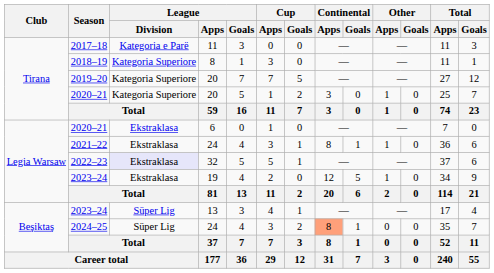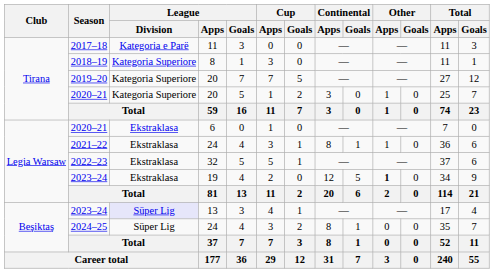 <table class="wikitable" style="text-align:center">
 <tr>
 <th rowspan="2">Club</th>
 <th rowspan="2">Season</th>
 <th colspan="3">League</th>
 <th colspan="2">Cup</th>
 <th colspan="2">Continental</th>
 <th colspan="2">Other</th>
 <th colspan="2">Total</th>
 </tr>
 <tr>
 <th>Division</th>
 <th>Apps</th>
 <th>Goals</th>
 <th>Apps</th>
 <th>Goals</th>
 <th>Apps</th>
 <th>Goals</th>
 <th>Apps</th>
 <th>Goals</th>
 <th>Apps</th>
 <th>Goals</th>
 </tr>
 <tr>
 <td rowspan="5"><a href='#'>Tirana</a></td>
 <td><a href='#'>2017–18</a></td>
 <td><a href='#'>Kategoria e Parë</a></td>
 <td>11</td>
 <td>3</td>
 <td>0</td>
 <td>0</td>
 <td colspan="2">—</td>
 <td colspan="2">—</td>
 <td>11</td>
 <td>3</td>
 </tr>
 <tr>
 <td><a href='#'>2018–19</a></td>
 <td><a href='#'>Kategoria Superiore</a></td>
 <td>8</td>
 <td>1</td>
 <td>3</td>
 <td>0</td>
 <td colspan="2">—</td>
 <td colspan="2">—</td>
 <td>11</td>
 <td>1</td>
 </tr>
 <tr>
 <td><a href='#'>2019–20</a></td>
 <td>Kategoria Superiore</td>
 <td>20</td>
 <td>7</td>
 <td>7</td>
 <td>5</td>
 <td colspan="2">—</td>
 <td colspan="2">—</td>
 <td>27</td>
 <td>12</td>
 </tr>
 <tr>
 <td><a href='#'>2020–21</a></td>
 <td>Kategoria Superiore</td>
 <td>20</td>
 <td>5</td>
 <td>1</td>
 <td>2</td>
 <td>3</td>
 <td>0</td>
 <td>1</td>
 <td>0</td>
 <td>25</td>
 <td>7</td>
 </tr>
 <tr>
 <th colspan="2">Total</th>
 <th>59</th>
 <th>16</th>
 <th>11</th>
 <th>7</th>
 <th>3</th>
 <th>0</th>
 <th>1</th>
 <th>0</th>
 <th>74</th>
 <th>23</th>
 </tr>
 <tr>
 <td rowspan="5"><a href='#'>Legia Warsaw</a></td>
 <td><a href='#'>2020–21</a></td>
 <td><a href='#'>Ekstraklasa</a></td>
 <td>6</td>
 <td>0</td>
 <td>1</td>
 <td>0</td>
 <td colspan="2">—</td>
 <td colspan="2">—</td>
 <td>7</td>
 <td>0</td>
 </tr>
 <tr>
 <td><a href='#'>2021–22</a></td>
 <td>Ekstraklasa</td>
 <td>24</td>
 <td>4</td>
 <td>3</td>
 <td>1</td>
 <td>8</td>
 <td>1</td>
 <td>1</td>
 <td>0</td>
 <td>36</td>
 <td>6</td>
 </tr>
 <tr>
 <td><a href='#'>2022–23</a></td>
-<td style="background: lavender;">Ekstraklasa</td>
+<td>Ekstraklasa</td>
 <td>32</td>
 <td>5</td>
 <td>5</td>
 <td>1</td>
 <td colspan="2">—</td>
 <td colspan="2">—</td>
 <td>37</td>
 <td>6</td>
 </tr>
 <tr>
 <td><a href='#'>2023–24</a></td>
 <td>Ekstraklasa</td>
 <td>19</td>
 <td>4</td>
 <td>2</td>
 <td>0</td>
 <td>12</td>
 <td>5</td>
-<td>1</td>
+<td><strong>1</strong></td>
 <td>0</td>
 <td>34</td>
 <td>9</td>
 </tr>
 <tr>
 <th colspan="2">Total</th>
 <th>81</th>
 <th>13</th>
 <th>11</th>
 <th>2</th>
 <th>20</th>
 <th>6</th>
 <th>2</th>
 <th>0</th>
 <th>114</th>
 <th>21</th>
 </tr>
 <tr>
 <td rowspan="3"><a href='#'>Beşiktaş</a></td>
 <td><a href='#'>2023–24</a></td>
-<td><a href='#'>Süper Lig</a></td>
+<td style="background: lavender;"><a href='#'>Süper Lig</a></td>
 <td>13</td>
 <td>3</td>
 <td>4</td>
 <td>1</td>
 <td colspan="2">—</td>
 <td colspan="2">—</td>
 <td>17</td>
 <td>4</td>
 </tr>
 <tr>
 <td><a href='#'>2024–25</a></td>
 <td>Süper Lig</td>
 <td>24</td>
 <td>4</td>
 <td>3</td>
 <td>2</td>
-<td style="background: lightsalmon;">8</td>
+<td>8</td>
 <td>1</td>
 <td>0</td>
 <td>0</td>
 <td>35</td>
 <td>7</td>
 </tr>
 <tr>
 <th colspan="2">Total</th>
 <th>37</th>
 <th>7</th>
 <th>7</th>
 <th>3</th>
 <th>8</th>
 <th>1</th>
 <th>0</th>
 <th>0</th>
 <th>52</th>
 <th>11</th>
 </tr>
 <tr>
 <th colspan="3">Career total</th>
 <th>177</th>
 <th>36</th>
 <th>29</th>
 <th>12</th>
 <th>31</th>
 <th>7</th>
 <th>3</th>
 <th>0</th>
 <th>240</th>
 <th>55</th>
 </tr>
 </table>
